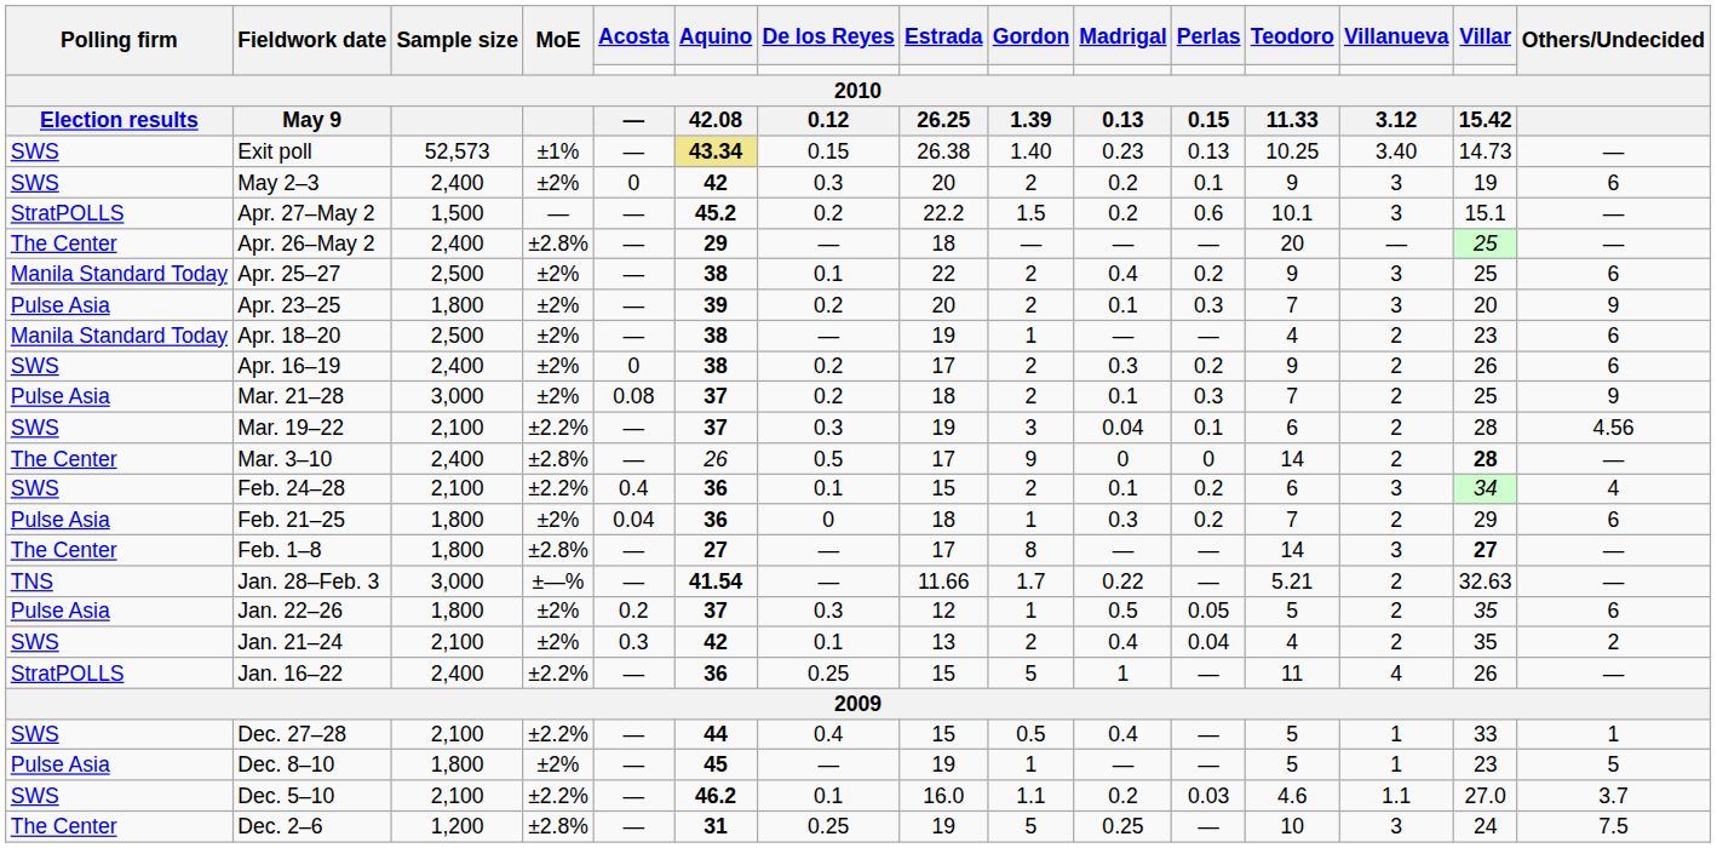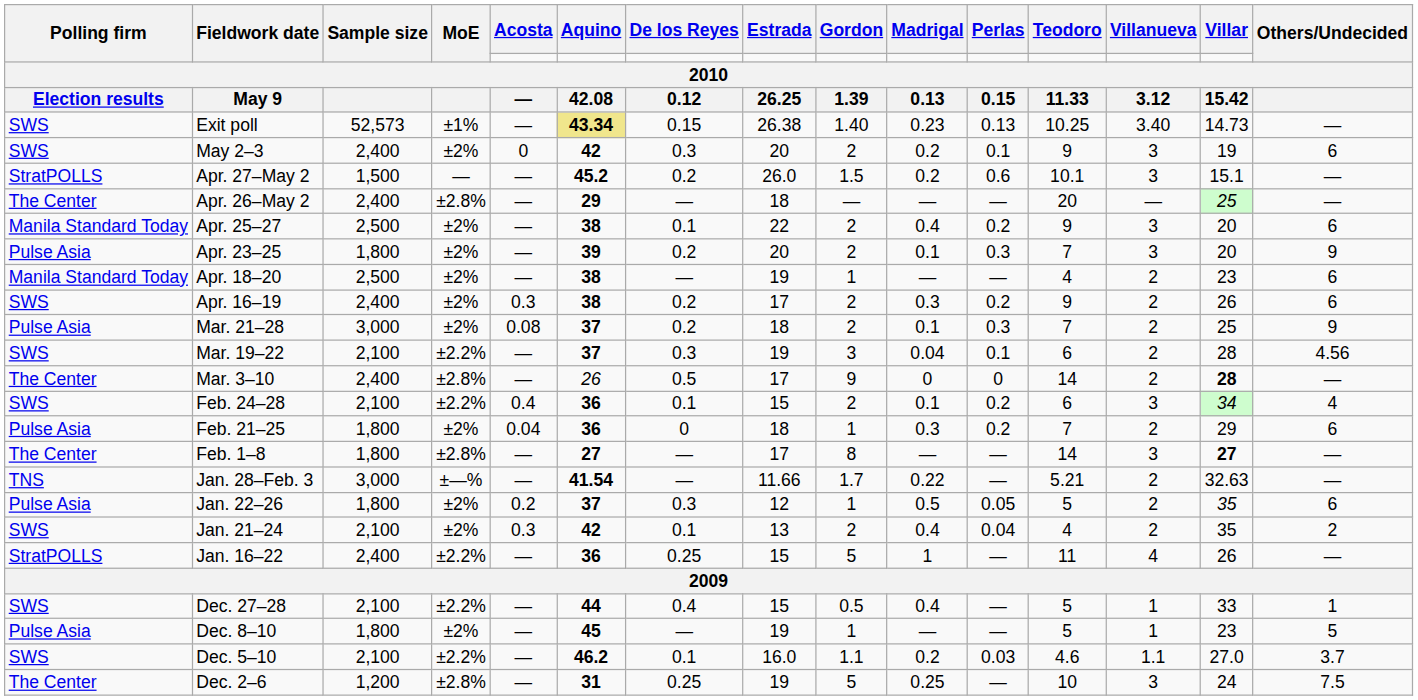 <table class="wikitable" style="text-align:center;font-size:90%;line-height:14px;">
 <tr style="height:40px;">
 <th rowspan="2">Polling firm</th>
 <th rowspan="2">Fieldwork date</th>
 <th rowspan="2">Sample size</th>
 <th rowspan="2"><abbr>MoE</abbr></th>
 <th><a href='#'>Acosta</a><br></th>
 <th><a href='#'>Aquino</a><br></th>
 <th><a href='#'>De los Reyes</a><br></th>
 <th><a href='#'>Estrada</a><br></th>
 <th><a href='#'>Gordon</a><br></th>
 <th><a href='#'>Madrigal</a><br></th>
 <th><a href='#'>Perlas</a><br></th>
 <th><a href='#'>Teodoro</a><br></th>
 <th><a href='#'>Villanueva</a><br></th>
 <th><a href='#'>Villar</a><br></th>
 <th rowspan=2>Others/Undecided</th>
 </tr>
 <tr>
 <td></td>
 <td></td>
 <td></td>
 <td></td>
 <td></td>
 <td></td>
 <td></td>
 <td></td>
 <td></td>
 <td></td>
 </tr>
 <tr>
 <th colspan=15>2010</th>
 </tr>
 <tr>
 <th><a href='#'>Election results</a></th>
 <th>May 9</th>
 <th></th>
 <th></th>
 <th>—</th>
 <th style="background-color:#">42.08</th>
 <th>0.12</th>
 <th>26.25</th>
 <th>1.39</th>
 <th>0.13</th>
 <th>0.15</th>
 <th>11.33</th>
 <th>3.12</th>
 <th>15.42</th>
 <th></th>
 </tr>
 <tr>
 <td align=left><a href='#'>SWS</a></td>
 <td align=left>Exit poll</td>
 <td>52,573</td>
 <td>±1%</td>
 <td>—</td>
 <td style="background:khaki;"><strong>43.34</strong></td>
 <td>0.15</td>
 <td>26.38</td>
 <td>1.40</td>
 <td>0.23</td>
 <td>0.13</td>
 <td>10.25</td>
 <td>3.40</td>
 <td>14.73</td>
 <td colspan=2>—</td>
 </tr>
 <tr>
 <td align=left><a href='#'>SWS</a></td>
 <td align=left>May 2–3</td>
 <td>2,400</td>
 <td>±2%</td>
 <td>0</td>
 <td style="background-color:#"><strong>42</strong></td>
 <td>0.3</td>
 <td>20</td>
 <td>2</td>
 <td>0.2</td>
 <td>0.1</td>
 <td>9</td>
 <td>3</td>
 <td>19</td>
 <td>6</td>
 </tr>
 <tr>
 <td align=left><a href='#'>StratPOLLS</a></td>
 <td align=left>Apr. 27–May 2</td>
 <td>1,500</td>
 <td>—</td>
 <td>—</td>
 <td style="background-color:#"><strong>45.2</strong></td>
 <td>0.2</td>
-<td>22.2</td>
+<td>26.0</td>
 <td>1.5</td>
 <td>0.2</td>
 <td>0.6</td>
 <td>10.1</td>
 <td>3</td>
 <td>15.1</td>
 <td>—</td>
 </tr>
 <tr>
 <td align=left><a href='#'>The Center</a></td>
 <td align=left>Apr. 26–May 2</td>
 <td>2,400</td>
 <td>±2.8%</td>
 <td>—</td>
 <td style="background-color:#"><strong>29</strong></td>
 <td>—</td>
 <td>18</td>
 <td>—</td>
 <td>—</td>
 <td>—</td>
 <td>20</td>
 <td>—</td>
 <td bgcolor=cefdce><em>25</em></td>
 <td>—</td>
 </tr>
 <tr>
 <td align=left><a href='#'>Manila Standard Today</a></td>
 <td align=left>Apr. 25–27</td>
 <td>2,500</td>
 <td>±2%</td>
 <td>—</td>
 <td style="background-color:#"><strong>38</strong></td>
 <td>0.1</td>
 <td>22</td>
 <td>2</td>
 <td>0.4</td>
 <td>0.2</td>
 <td>9</td>
 <td>3</td>
-<td>25</td>
+<td>20</td>
 <td>6</td>
 </tr>
 <tr>
 <td align=left><a href='#'>Pulse Asia</a></td>
 <td align=left>Apr. 23–25</td>
 <td>1,800</td>
 <td>±2%</td>
 <td>—</td>
 <td style="background-color:#"><strong>39</strong></td>
 <td>0.2</td>
 <td>20</td>
 <td>2</td>
 <td>0.1</td>
 <td>0.3</td>
 <td>7</td>
 <td>3</td>
 <td>20</td>
 <td>9</td>
 </tr>
 <tr>
 <td align=left><a href='#'>Manila Standard Today</a></td>
 <td align=left>Apr. 18–20</td>
 <td>2,500</td>
 <td>±2%</td>
 <td>—</td>
 <td style="background-color:#"><strong>38</strong></td>
 <td>—</td>
 <td>19</td>
 <td>1</td>
 <td>—</td>
 <td>—</td>
 <td>4</td>
 <td>2</td>
 <td>23</td>
 <td>6</td>
 </tr>
 <tr>
 <td align=left><a href='#'>SWS</a></td>
 <td align=left>Apr. 16–19</td>
 <td>2,400</td>
 <td>±2%</td>
-<td>0</td>
+<td>0.3</td>
 <td style="background-color:#"><strong>38</strong></td>
 <td>0.2</td>
 <td>17</td>
 <td>2</td>
 <td>0.3</td>
 <td>0.2</td>
 <td>9</td>
 <td>2</td>
 <td>26</td>
 <td>6</td>
 </tr>
 <tr>
 <td align=left><a href='#'>Pulse Asia</a></td>
 <td align=left>Mar. 21–28</td>
 <td>3,000</td>
 <td>±2%</td>
 <td>0.08</td>
 <td style="background-color:#"><strong>37</strong></td>
 <td>0.2</td>
 <td>18</td>
 <td>2</td>
 <td>0.1</td>
 <td>0.3</td>
 <td>7</td>
 <td>2</td>
 <td>25</td>
 <td>9</td>
 </tr>
 <tr>
 <td align=left><a href='#'>SWS</a></td>
 <td align=left>Mar. 19–22</td>
 <td>2,100</td>
 <td>±2.2%</td>
 <td>—</td>
 <td style="background-color:#"><strong>37</strong></td>
 <td>0.3</td>
 <td>19</td>
 <td>3</td>
 <td>0.04</td>
 <td>0.1</td>
 <td>6</td>
 <td>2</td>
 <td>28</td>
 <td>4.56</td>
 </tr>
 <tr>
 <td align=left><a href='#'>The Center</a></td>
 <td align=left>Mar. 3–10</td>
 <td>2,400</td>
 <td>±2.8%</td>
 <td>—</td>
 <td style="background-color:#"><em>26</em></td>
 <td>0.5</td>
 <td>17</td>
 <td>9</td>
 <td>0</td>
 <td>0</td>
 <td>14</td>
 <td>2</td>
 <td style="background-color:#"><strong>28</strong></td>
 <td>—</td>
 </tr>
 <tr>
 <td align=left><a href='#'>SWS</a></td>
 <td align=left>Feb. 24–28</td>
 <td>2,100</td>
 <td>±2.2%</td>
 <td>0.4</td>
 <td style="background-color:#"><strong>36</strong></td>
 <td>0.1</td>
 <td>15</td>
 <td>2</td>
 <td>0.1</td>
 <td>0.2</td>
 <td>6</td>
 <td>3</td>
 <td bgcolor=cefdce><em>34</em></td>
 <td>4</td>
 </tr>
 <tr>
 <td align=left><a href='#'>Pulse Asia</a></td>
 <td align=left>Feb. 21–25</td>
 <td>1,800</td>
 <td>±2%</td>
 <td>0.04</td>
 <td style="background-color:#"><strong>36</strong></td>
 <td>0</td>
 <td>18</td>
 <td>1</td>
 <td>0.3</td>
 <td>0.2</td>
 <td>7</td>
 <td>2</td>
 <td>29</td>
 <td>6</td>
 </tr>
 <tr>
 <td align=left><a href='#'>The Center</a></td>
 <td align=left>Feb. 1–8</td>
 <td>1,800</td>
 <td>±2.8%</td>
 <td>—</td>
 <td style="background-color:#"><strong>27</strong></td>
 <td>—</td>
 <td>17</td>
 <td>8</td>
 <td>—</td>
 <td>—</td>
 <td>14</td>
 <td>3</td>
 <td style="background-color:#"><strong>27</strong></td>
 <td>—</td>
 </tr>
 <tr>
 <td align=left><a href='#'>TNS</a></td>
 <td align=left>Jan. 28–Feb. 3</td>
 <td>3,000</td>
 <td>±—%</td>
 <td>—</td>
 <td style="background-color:#"><strong>41.54</strong></td>
 <td>—</td>
 <td>11.66</td>
 <td>1.7</td>
 <td>0.22</td>
 <td>—</td>
 <td>5.21</td>
 <td>2</td>
 <td>32.63</td>
 <td>—</td>
 </tr>
 <tr>
 <td align=left><a href='#'>Pulse Asia</a></td>
 <td align=left>Jan. 22–26</td>
 <td>1,800</td>
 <td>±2%</td>
 <td>0.2</td>
 <td style="background-color:#"><strong>37</strong></td>
 <td>0.3</td>
 <td>12</td>
 <td>1</td>
 <td>0.5</td>
 <td>0.05</td>
 <td>5</td>
 <td>2</td>
 <td style="background-color:#"><em>35</em></td>
 <td>6</td>
 </tr>
 <tr>
 <td align=left><a href='#'>SWS</a></td>
 <td align=left>Jan. 21–24</td>
 <td>2,100</td>
 <td>±2%</td>
 <td>0.3</td>
 <td style="background-color:#"><strong>42</strong></td>
 <td>0.1</td>
 <td>13</td>
 <td>2</td>
 <td>0.4</td>
 <td>0.04</td>
 <td>4</td>
 <td>2</td>
 <td>35</td>
 <td>2</td>
 </tr>
 <tr>
 <td align=left><a href='#'>StratPOLLS</a></td>
 <td align=left>Jan. 16–22</td>
 <td>2,400</td>
 <td>±2.2%</td>
 <td>—</td>
 <td style="background-color:#"><strong>36</strong></td>
 <td>0.25</td>
 <td>15</td>
 <td>5</td>
 <td>1</td>
 <td>—</td>
 <td>11</td>
 <td>4</td>
 <td>26</td>
 <td>—</td>
 </tr>
 <tr>
 <th colspan=15>2009</th>
 </tr>
 <tr>
 <td align=left><a href='#'>SWS</a></td>
 <td align=left>Dec. 27–28</td>
 <td>2,100</td>
 <td>±2.2%</td>
 <td>—</td>
 <td style="background-color:#"><strong>44</strong></td>
 <td>0.4</td>
 <td>15</td>
 <td>0.5</td>
 <td>0.4</td>
 <td>—</td>
 <td>5</td>
 <td>1</td>
 <td>33</td>
 <td>1</td>
 </tr>
 <tr>
 <td align=left><a href='#'>Pulse Asia</a></td>
 <td align=left>Dec. 8–10</td>
 <td>1,800</td>
 <td>±2%</td>
 <td>—</td>
 <td style="background-color:#"><strong>45</strong></td>
 <td>—</td>
 <td>19</td>
 <td>1</td>
 <td>—</td>
 <td>—</td>
 <td>5</td>
 <td>1</td>
 <td>23</td>
 <td>5</td>
 </tr>
 <tr>
 <td align=left><a href='#'>SWS</a></td>
 <td align=left>Dec. 5–10</td>
 <td>2,100</td>
 <td>±2.2%</td>
 <td>—</td>
 <td style="background-color:#"><strong>46.2</strong></td>
 <td>0.1</td>
 <td>16.0</td>
 <td>1.1</td>
 <td>0.2</td>
 <td>0.03</td>
 <td>4.6</td>
 <td>1.1</td>
 <td>27.0</td>
 <td>3.7</td>
 </tr>
 <tr>
 <td align=left><a href='#'>The Center</a></td>
 <td align=left>Dec. 2–6</td>
 <td>1,200</td>
 <td>±2.8%</td>
 <td>—</td>
 <td style="background-color:#"><strong>31</strong></td>
 <td>0.25</td>
 <td>19</td>
 <td>5</td>
 <td>0.25</td>
 <td>—</td>
 <td>10</td>
 <td>3</td>
 <td>24</td>
 <td>7.5 </td>
 </tr>
 </table>
